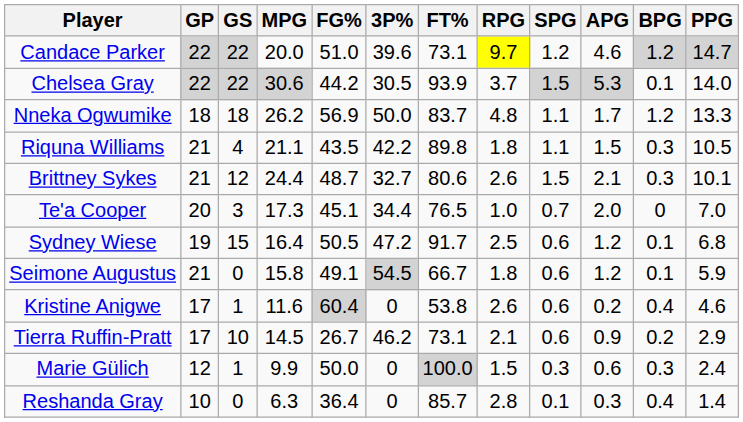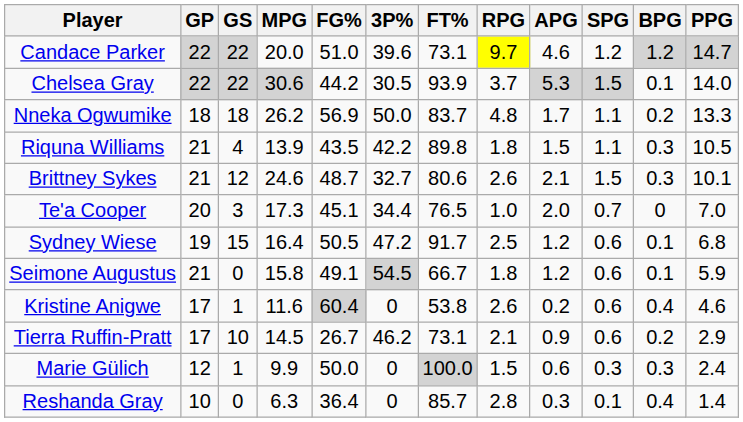 <table class="wikitable sortable" style="text-align:center;">
 <tr>
 <th>Player</th>
 <th>GP</th>
 <th>GS</th>
 <th>MPG</th>
 <th>FG%</th>
 <th>3P%</th>
 <th>FT%</th>
 <th>RPG</th>
+<th>APG</th>
 <th>SPG</th>
-<th>APG</th>
 <th>BPG</th>
 <th>PPG</th>
 </tr>
 <tr>
 <td><a href='#'>Candace Parker</a></td>
 <td style="background:#D3D3D3;">22</td>
 <td style="background:#D3D3D3;">22</td>
 <td>20.0</td>
 <td>51.0</td>
 <td>39.6</td>
 <td>73.1</td>
 <td style="background:yellow;">9.7</td>
+<td>4.6</td>
 <td>1.2</td>
-<td>4.6</td>
 <td style="background:#D3D3D3;">1.2</td>
 <td style="background:#D3D3D3;">14.7</td>
 </tr>
 <tr>
 <td><a href='#'>Chelsea Gray</a></td>
 <td style="background:#D3D3D3;">22</td>
 <td style="background:#D3D3D3;">22</td>
 <td style="background:#D3D3D3;">30.6</td>
 <td>44.2</td>
 <td>30.5</td>
 <td>93.9</td>
 <td>3.7</td>
+<td style="background:#D3D3D3;">5.3</td>
 <td style="background:#D3D3D3;">1.5</td>
-<td style="background:#D3D3D3;">5.3</td>
 <td>0.1</td>
 <td>14.0</td>
 </tr>
 <tr>
 <td><a href='#'>Nneka Ogwumike</a></td>
 <td>18</td>
 <td>18</td>
 <td>26.2</td>
 <td>56.9</td>
 <td>50.0</td>
 <td>83.7</td>
 <td>4.8</td>
+<td>1.7</td>
 <td>1.1</td>
-<td>1.7</td>
-<td>1.2</td>
+<td>0.2</td>
 <td>13.3</td>
 </tr>
 <tr>
 <td><a href='#'>Riquna Williams</a></td>
 <td>21</td>
 <td>4</td>
-<td>21.1</td>
+<td>13.9</td>
 <td>43.5</td>
 <td>42.2</td>
 <td>89.8</td>
 <td>1.8</td>
+<td>1.5</td>
 <td>1.1</td>
-<td>1.5</td>
 <td>0.3</td>
 <td>10.5</td>
 </tr>
 <tr>
 <td><a href='#'>Brittney Sykes</a></td>
 <td>21</td>
 <td>12</td>
-<td>24.4</td>
+<td>24.6</td>
 <td>48.7</td>
 <td>32.7</td>
 <td>80.6</td>
 <td>2.6</td>
+<td>2.1</td>
 <td>1.5</td>
-<td>2.1</td>
 <td>0.3</td>
 <td>10.1</td>
 </tr>
 <tr>
 <td><a href='#'>Te'a Cooper</a></td>
 <td>20</td>
 <td>3</td>
 <td>17.3</td>
 <td>45.1</td>
 <td>34.4</td>
 <td>76.5</td>
 <td>1.0</td>
+<td>2.0</td>
 <td>0.7</td>
-<td>2.0</td>
 <td>0</td>
 <td>7.0</td>
 </tr>
 <tr>
 <td><a href='#'>Sydney Wiese</a></td>
 <td>19</td>
 <td>15</td>
 <td>16.4</td>
 <td>50.5</td>
 <td>47.2</td>
 <td>91.7</td>
 <td>2.5</td>
+<td>1.2</td>
 <td>0.6</td>
-<td>1.2</td>
 <td>0.1</td>
 <td>6.8</td>
 </tr>
 <tr>
 <td><a href='#'>Seimone Augustus</a></td>
 <td>21</td>
 <td>0</td>
 <td>15.8</td>
 <td>49.1</td>
 <td style="background:#D3D3D3;">54.5</td>
 <td>66.7</td>
 <td>1.8</td>
+<td>1.2</td>
 <td>0.6</td>
-<td>1.2</td>
 <td>0.1</td>
 <td>5.9</td>
 </tr>
 <tr>
 <td><a href='#'>Kristine Anigwe</a></td>
 <td>17</td>
 <td>1</td>
 <td>11.6</td>
 <td style="background:#D3D3D3;">60.4</td>
 <td>0</td>
 <td>53.8</td>
 <td>2.6</td>
+<td>0.2</td>
 <td>0.6</td>
-<td>0.2</td>
 <td>0.4</td>
 <td>4.6</td>
 </tr>
 <tr>
 <td><a href='#'>Tierra Ruffin-Pratt</a></td>
 <td>17</td>
 <td>10</td>
 <td>14.5</td>
 <td>26.7</td>
 <td>46.2</td>
 <td>73.1</td>
 <td>2.1</td>
+<td>0.9</td>
 <td>0.6</td>
-<td>0.9</td>
 <td>0.2</td>
 <td>2.9</td>
 </tr>
 <tr>
 <td><a href='#'>Marie Gülich</a></td>
 <td>12</td>
 <td>1</td>
 <td>9.9</td>
 <td>50.0</td>
 <td>0</td>
 <td style="background:#D3D3D3;">100.0</td>
 <td>1.5</td>
+<td>0.6</td>
 <td>0.3</td>
-<td>0.6</td>
 <td>0.3</td>
 <td>2.4</td>
 </tr>
 <tr>
 <td><a href='#'>Reshanda Gray</a></td>
 <td>10</td>
 <td>0</td>
 <td>6.3</td>
 <td>36.4</td>
 <td>0</td>
 <td>85.7</td>
 <td>2.8</td>
+<td>0.3</td>
 <td>0.1</td>
-<td>0.3</td>
 <td>0.4</td>
 <td>1.4</td>
 </tr>
 </table>
